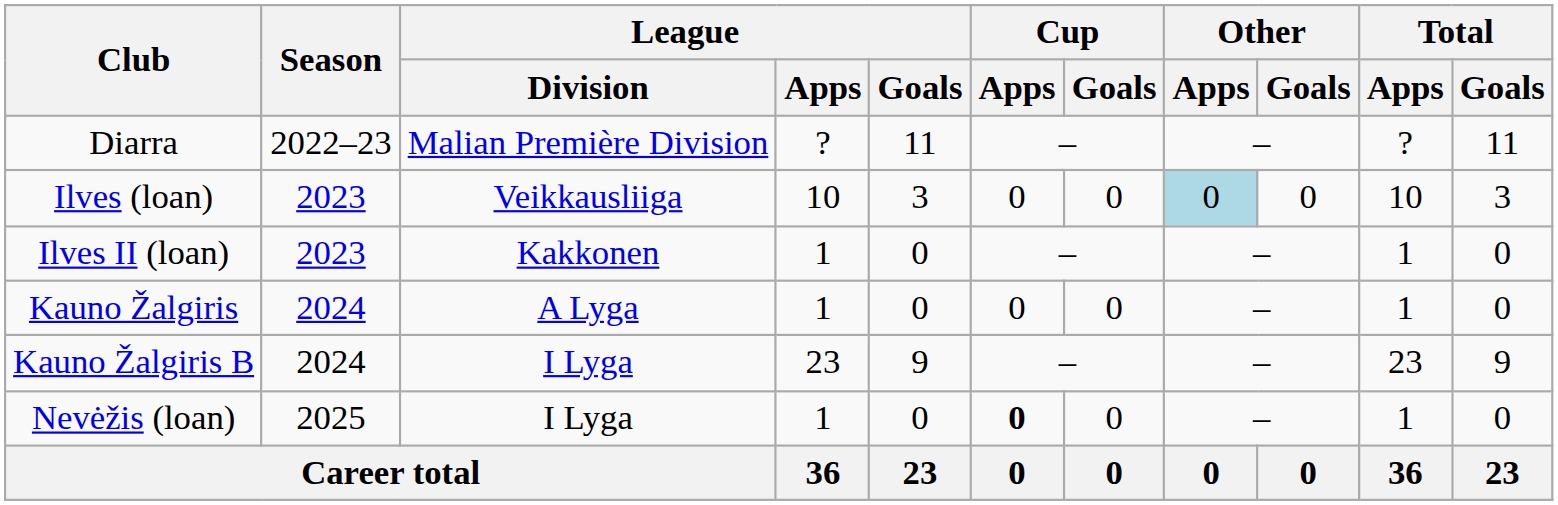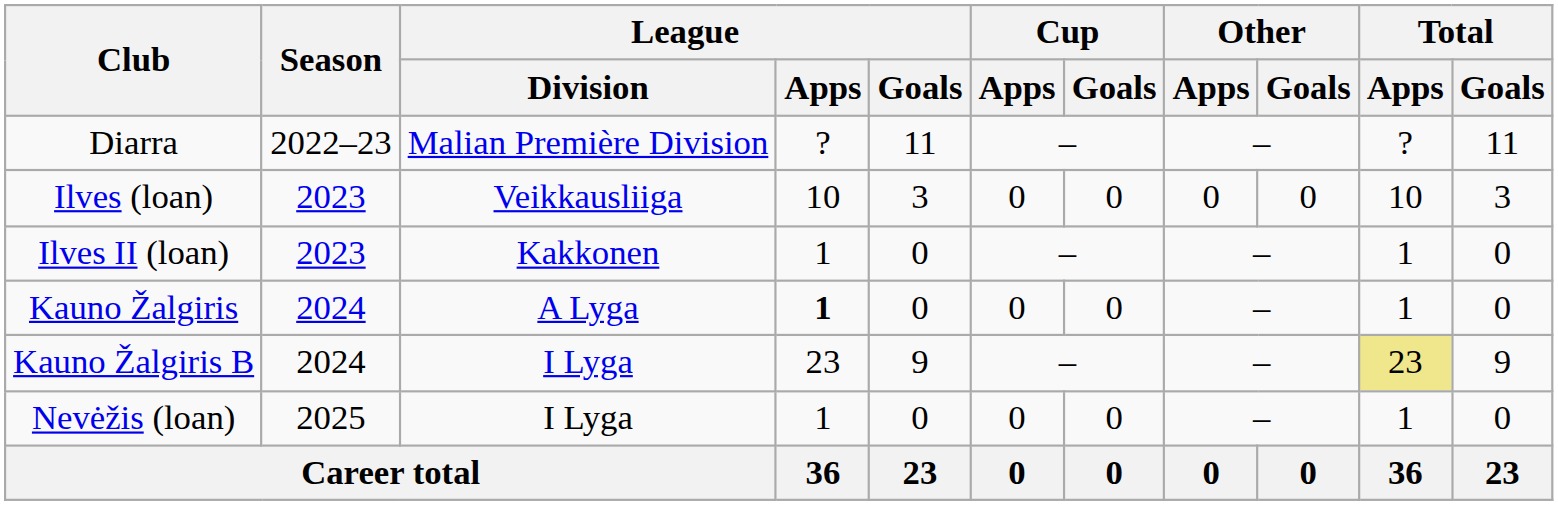 <table class="wikitable" style="text-align:center">
 <tr>
 <th rowspan="2">Club</th>
 <th rowspan="2">Season</th>
 <th colspan="3">League</th>
 <th colspan="2">Cup</th>
 <th colspan="2">Other</th>
 <th colspan="2">Total</th>
 </tr>
 <tr>
 <th>Division</th>
 <th>Apps</th>
 <th>Goals</th>
 <th>Apps</th>
 <th>Goals</th>
 <th>Apps</th>
 <th>Goals</th>
 <th>Apps</th>
 <th>Goals</th>
 </tr>
 <tr>
 <td>Diarra</td>
 <td>2022–23</td>
 <td><a href='#'>Malian Première Division</a></td>
 <td>?</td>
 <td>11</td>
 <td colspan=2>–</td>
 <td colspan=2>–</td>
 <td>?</td>
 <td>11</td>
 </tr>
 <tr>
 <td><a href='#'>Ilves</a> (loan)</td>
 <td><a href='#'>2023</a></td>
 <td><a href='#'>Veikkausliiga</a></td>
 <td>10</td>
 <td>3</td>
 <td>0</td>
 <td>0</td>
-<td style="background: lightblue;">0</td>
+<td>0</td>
 <td>0</td>
 <td>10</td>
 <td>3</td>
 </tr>
 <tr>
 <td><a href='#'>Ilves II</a> (loan)</td>
 <td><a href='#'>2023</a></td>
 <td><a href='#'>Kakkonen</a></td>
 <td>1</td>
 <td>0</td>
 <td colspan=2>–</td>
 <td colspan=2>–</td>
 <td>1</td>
 <td>0</td>
 </tr>
 <tr>
 <td><a href='#'>Kauno Žalgiris</a></td>
 <td><a href='#'>2024</a></td>
 <td><a href='#'>A Lyga</a></td>
-<td>1</td>
+<td><strong>1</strong></td>
 <td>0</td>
 <td>0</td>
 <td>0</td>
 <td colspan=2>–</td>
 <td>1</td>
 <td>0</td>
 </tr>
 <tr>
 <td><a href='#'>Kauno Žalgiris B</a></td>
 <td>2024</td>
 <td><a href='#'>I Lyga</a></td>
 <td>23</td>
 <td>9</td>
 <td colspan=2>–</td>
 <td colspan=2>–</td>
-<td>23</td>
+<td style="background: khaki;">23</td>
 <td>9</td>
 </tr>
 <tr>
 <td><a href='#'>Nevėžis</a> (loan)</td>
 <td>2025</td>
 <td>I Lyga</td>
 <td>1</td>
 <td>0</td>
-<td><strong>0</strong></td>
+<td>0</td>
 <td>0</td>
 <td colspan=2>–</td>
 <td>1</td>
 <td>0</td>
 </tr>
 <tr>
 <th colspan="3">Career total</th>
 <th>36</th>
 <th>23</th>
 <th>0</th>
 <th>0</th>
 <th>0</th>
 <th>0</th>
 <th>36</th>
 <th>23</th>
 </tr>
 </table>
